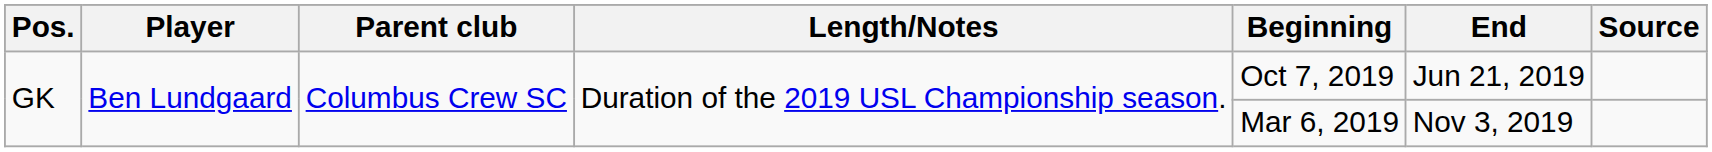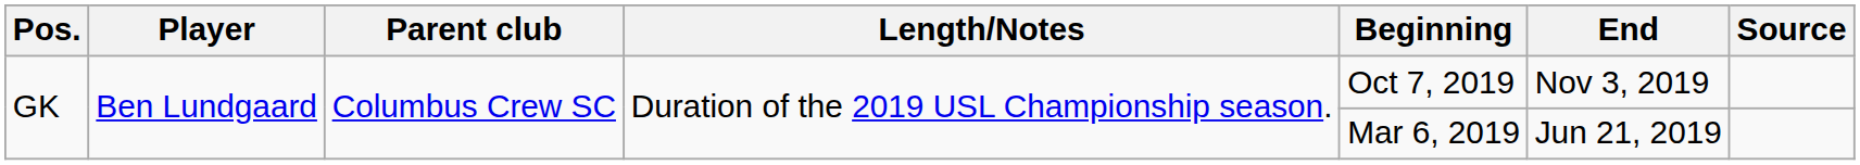 <table class="wikitable sortable" style="text-align: left">
 <tr>
 <th><strong>Pos.</strong></th>
 <th><strong>Player</strong></th>
 <th><strong>Parent club</strong></th>
 <th><strong>Length/Notes</strong></th>
 <th><strong>Beginning</strong></th>
 <th><strong>End</strong></th>
 <th><strong>Source</strong></th>
 </tr>
 <tr>
 <td rowspan=2>GK</td>
 <td rowspan=2> <a href='#'>Ben Lundgaard</a></td>
 <td rowspan=2> <a href='#'>Columbus Crew SC</a></td>
 <td rowspan=2>Duration of the <a href='#'>2019 USL Championship season</a>.</td>
 <td>Oct 7, 2019</td>
-<td>Jun 21, 2019</td>
+<td>Nov 3, 2019</td>
 <td align=center></td>
 </tr>
 <tr>
 <td>Mar 6, 2019</td>
-<td>Nov 3, 2019</td>
+<td>Jun 21, 2019</td>
 <td align=center></td>
 </tr>
 </table>
